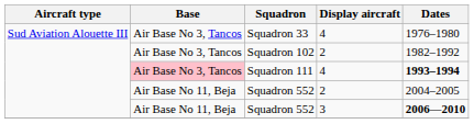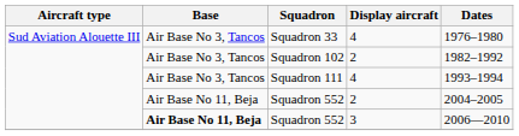 <table class="wikitable">
 <tr>
 <th>Aircraft type</th>
 <th>Base</th>
 <th>Squadron</th>
 <th>Display aircraft</th>
 <th>Dates</th>
 </tr>
 <tr valign="top">
 <td rowspan="5"><a href='#'>Sud Aviation Alouette III</a></td>
 <td>Air Base No 3, <a href='#'>Tancos</a></td>
 <td>Squadron 33</td>
 <td>4</td>
 <td>1976–1980</td>
 </tr>
 <tr>
 <td>Air Base No 3, Tancos</td>
 <td>Squadron 102</td>
 <td>2</td>
 <td>1982–1992</td>
 </tr>
 <tr>
-<td style="background: pink;">Air Base No 3, Tancos</td>
+<td>Air Base No 3, Tancos</td>
 <td>Squadron 111</td>
 <td>4</td>
-<td><strong>1993–1994</strong></td>
+<td>1993–1994</td>
 </tr>
 <tr>
 <td>Air Base No 11, Beja</td>
 <td>Squadron 552</td>
 <td>2</td>
 <td>2004–2005</td>
 </tr>
 <tr>
-<td>Air Base No 11, Beja</td>
+<td><strong>Air Base No 11, Beja</strong></td>
 <td>Squadron 552</td>
 <td>3</td>
-<td><strong>2006—2010</strong></td>
+<td>2006—2010</td>
 </tr>
 <tr>
 </tr>
 </table>
